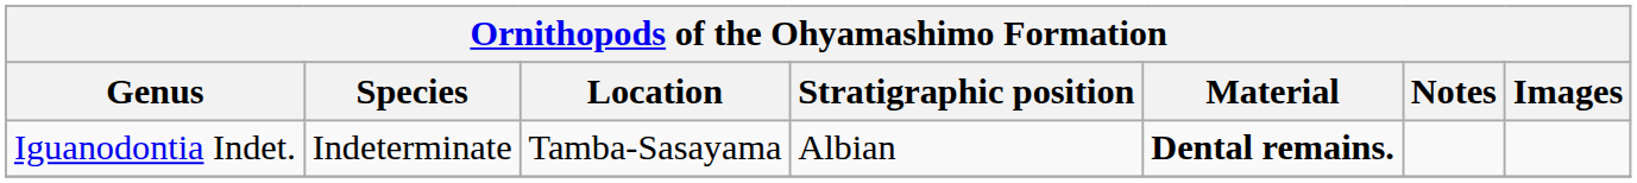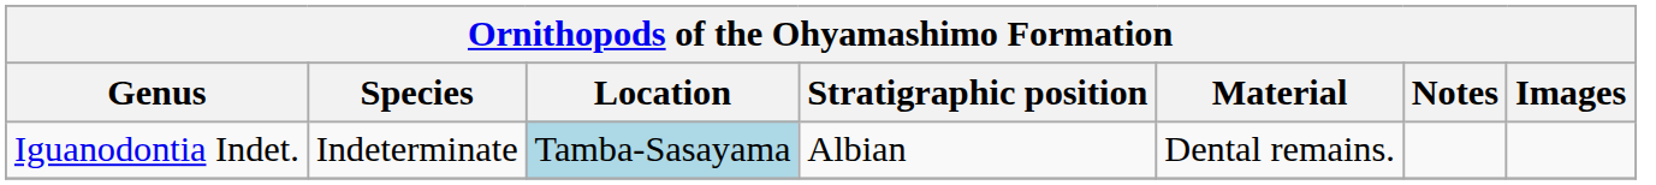 <table class="wikitable" align="center">
 <tr>
 <th colspan="7" align="center"><a href='#'>Ornithopods</a> of the Ohyamashimo Formation</th>
 </tr>
 <tr>
 <th>Genus</th>
 <th>Species</th>
 <th>Location</th>
 <th>Stratigraphic position</th>
 <th>Material</th>
 <th>Notes</th>
 <th>Images</th>
 </tr>
 <tr>
 <td><a href='#'>Iguanodontia</a> Indet.</td>
 <td>Indeterminate</td>
-<td>Tamba-Sasayama</td>
+<td style="background: lightblue;">Tamba-Sasayama</td>
 <td>Albian</td>
-<td><strong>Dental remains.</strong></td>
+<td>Dental remains.</td>
 <td></td>
 <td></td>
 </tr>
 <tr>
 </tr>
 </table>
